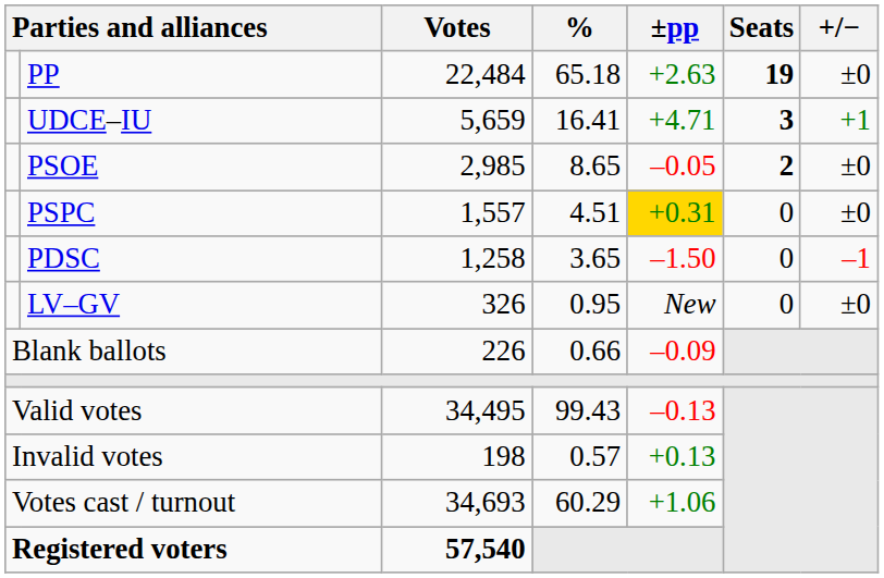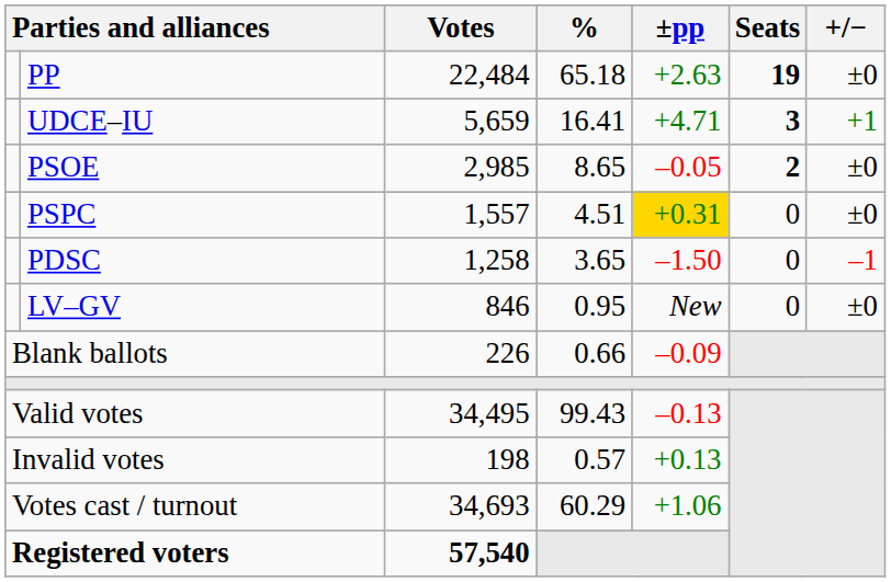 <table class="wikitable" style="text-align:right;">
 <tr>
 <th style="text-align:left;" colspan="2" width="200">Parties and alliances</th>
 <th width="75">Votes</th>
 <th width="45">%</th>
 <th width="45">±<a href='#'>pp</a></th>
 <th width="35">Seats</th>
 <th width="35">+/−</th>
 </tr>
 <tr>
 <td width="1" style="color:inherit;background:"></td>
 <td align="left"><a href='#'>PP</a></td>
 <td>22,484</td>
 <td>65.18</td>
 <td style="color:green;">+2.63</td>
 <td><strong>19</strong></td>
 <td>±0</td>
 </tr>
 <tr>
 <td style="color:inherit;background:"></td>
 <td align="left"><a href='#'>UDCE</a>–<a href='#'>IU</a></td>
 <td>5,659</td>
 <td>16.41</td>
 <td style="color:green;">+4.71</td>
 <td><strong>3</strong></td>
 <td style="color:green;">+1</td>
 </tr>
 <tr>
 <td style="color:inherit;background:"></td>
 <td align="left"><a href='#'>PSOE</a></td>
 <td>2,985</td>
 <td>8.65</td>
 <td style="color:red;">–0.05</td>
 <td><strong>2</strong></td>
 <td>±0</td>
 </tr>
 <tr>
 <td style="color:inherit;background:"></td>
 <td align="left"><a href='#'>PSPC</a></td>
 <td>1,557</td>
 <td>4.51</td>
 <td style="background: gold; color:green;">+0.31</td>
 <td>0</td>
 <td>±0</td>
 </tr>
 <tr>
 <td style="color:inherit;background:"></td>
 <td align="left"><a href='#'>PDSC</a></td>
 <td>1,258</td>
 <td>3.65</td>
 <td style="color:red;">–1.50</td>
 <td>0</td>
 <td style="color:red;">–1</td>
 </tr>
 <tr>
 <td style="color:inherit;background:"></td>
 <td align="left"><a href='#'>LV–GV</a></td>
-<td>326</td>
+<td>846</td>
 <td>0.95</td>
 <td><em>New</em></td>
 <td>0</td>
 <td>±0</td>
 </tr>
 <tr>
 <td align="left" colspan="2">Blank ballots</td>
 <td>226</td>
 <td>0.66</td>
 <td style="color:red;">–0.09</td>
 <td bgcolor="#E9E9E9" colspan="2"></td>
 </tr>
 <tr>
 <td colspan="7" bgcolor="#E9E9E9"></td>
 </tr>
 <tr>
 <td align="left" colspan="2">Valid votes</td>
 <td>34,495</td>
 <td>99.43</td>
 <td style="color:red;">–0.13</td>
 <td bgcolor="#E9E9E9" colspan="2" rowspan="4"></td>
 </tr>
 <tr>
 <td align="left" colspan="2">Invalid votes</td>
 <td>198</td>
 <td>0.57</td>
 <td style="color:green;">+0.13</td>
 </tr>
 <tr>
 <td align="left" colspan="2">Votes cast / turnout</td>
 <td>34,693</td>
 <td>60.29</td>
 <td style="color:green;">+1.06</td>
 </tr>
 <tr style="font-weight:bold;">
 <td align="left" colspan="2">Registered voters</td>
 <td>57,540</td>
 <td bgcolor="#E9E9E9" colspan="2"></td>
 </tr>
 </table>
